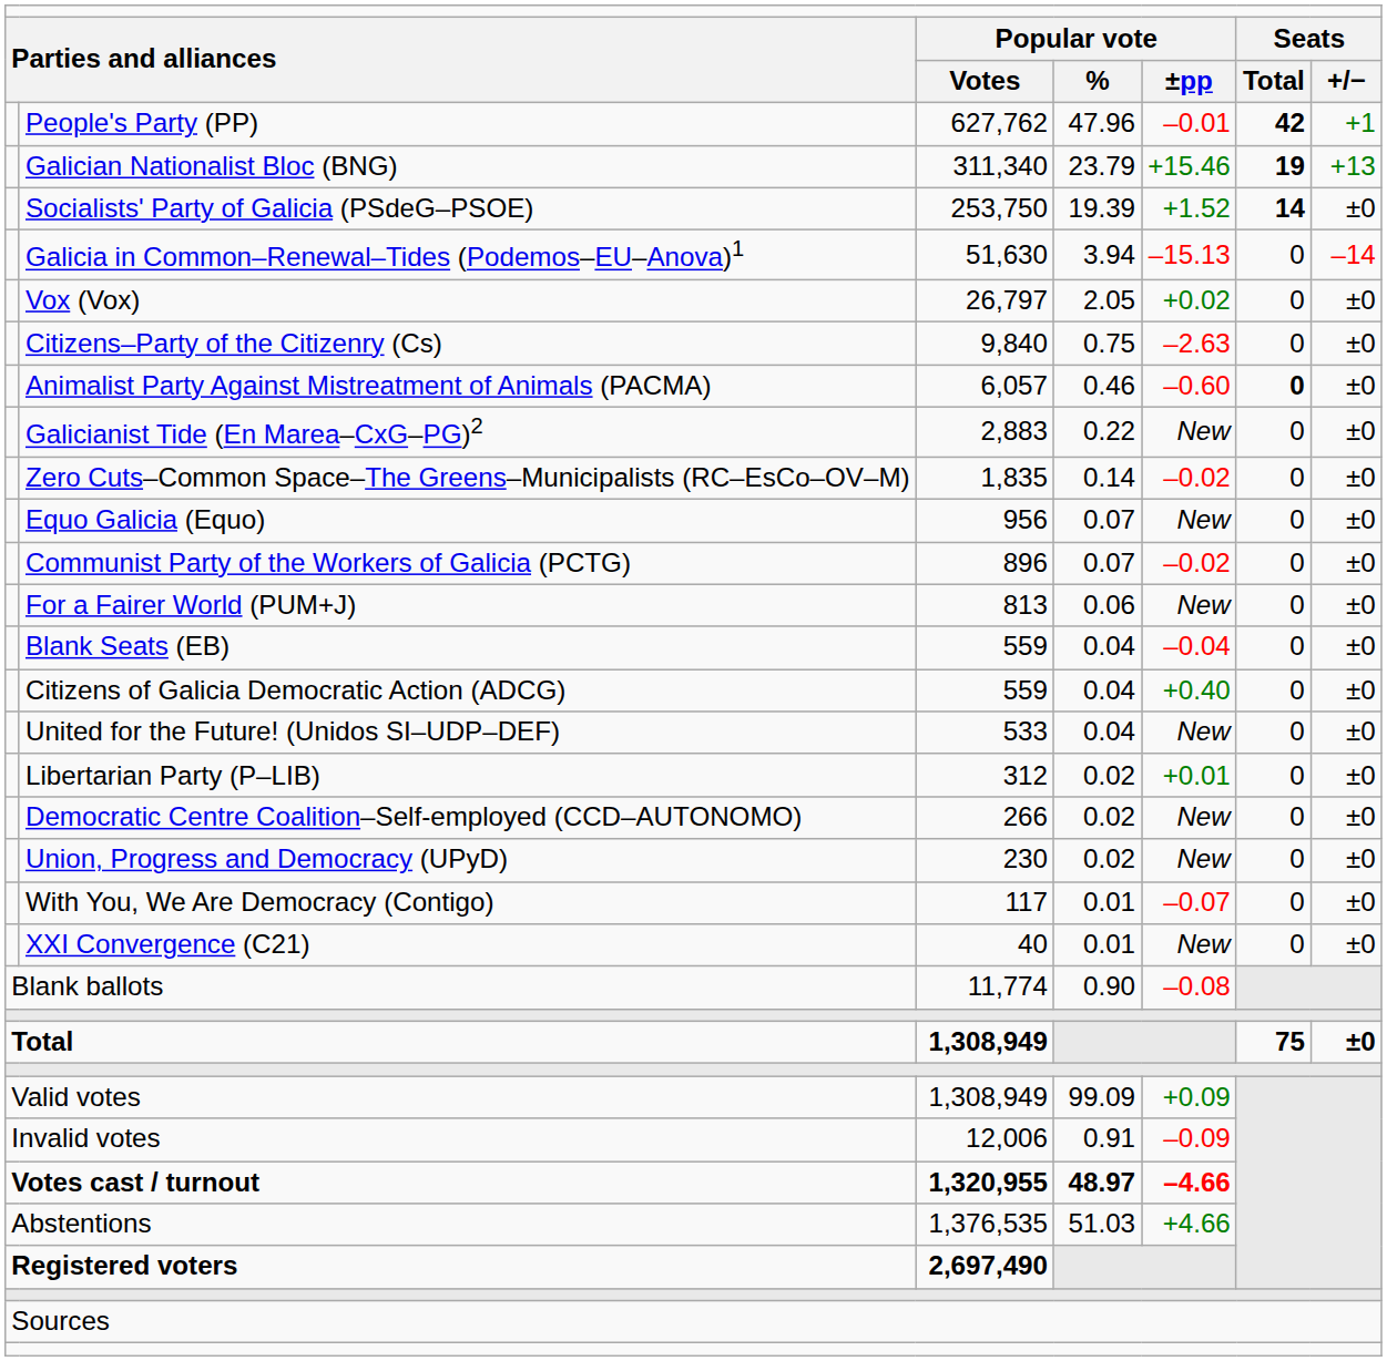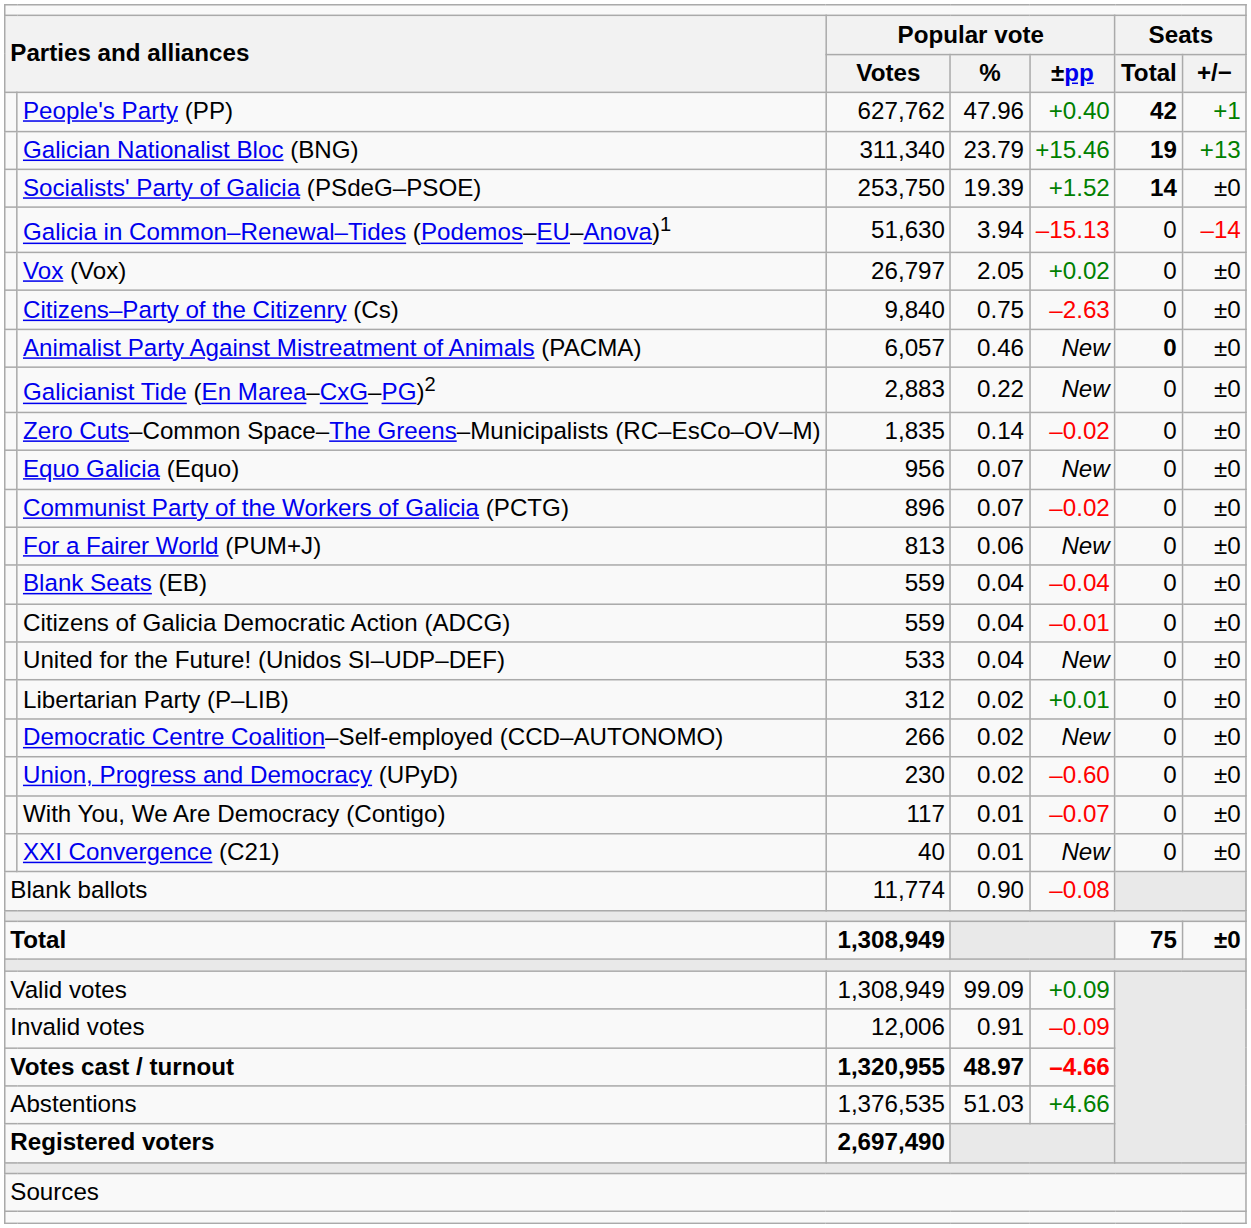 <table class="wikitable" style="text-align:right;">
 <tr>
 <td colspan="7"></td>
 </tr>
 <tr>
 <th style="text-align:left;" rowspan="2" colspan="2" width="525">Parties and alliances</th>
 <th colspan="3">Popular vote</th>
 <th colspan="2">Seats</th>
 </tr>
 <tr>
 <th width="75">Votes</th>
 <th width="45">%</th>
 <th width="45">±<a href='#'>pp</a></th>
 <th width="35">Total</th>
 <th width="35">+/−</th>
 </tr>
 <tr>
 <td width="1" style="color:inherit;background:"></td>
 <td align="left"><a href='#'>People's Party</a> (PP)</td>
 <td>627,762</td>
 <td>47.96</td>
-<td style="color:red;">–0.01</td>
+<td style="color:green;">+0.40</td>
 <td><strong>42</strong></td>
 <td style="color:green;">+1</td>
 </tr>
 <tr>
 <td style="color:inherit;background:"></td>
 <td align="left"><a href='#'>Galician Nationalist Bloc</a> (BNG)</td>
 <td>311,340</td>
 <td>23.79</td>
 <td style="color:green;">+15.46</td>
 <td><strong>19</strong></td>
 <td style="color:green;">+13</td>
 </tr>
 <tr>
 <td style="color:inherit;background:"></td>
 <td align="left"><a href='#'>Socialists' Party of Galicia</a> (PSdeG–PSOE)</td>
 <td>253,750</td>
 <td>19.39</td>
 <td style="color:green;">+1.52</td>
 <td><strong>14</strong></td>
 <td>±0</td>
 </tr>
 <tr>
 <td style="color:inherit;background:"></td>
 <td align="left"><a href='#'>Galicia in Common–Renewal–Tides</a> (<a href='#'>Podemos</a>–<a href='#'>EU</a>–<a href='#'>Anova</a>)<sup>1</sup></td>
 <td>51,630</td>
 <td>3.94</td>
 <td style="color:red;">–15.13</td>
 <td>0</td>
 <td style="color:red;">–14</td>
 </tr>
 <tr>
 <td style="color:inherit;background:"></td>
 <td align="left"><a href='#'>Vox</a> (Vox)</td>
 <td>26,797</td>
 <td>2.05</td>
 <td style="color:green;">+0.02</td>
 <td>0</td>
 <td>±0</td>
 </tr>
 <tr>
 <td style="color:inherit;background:"></td>
 <td align="left"><a href='#'>Citizens–Party of the Citizenry</a> (Cs)</td>
 <td>9,840</td>
 <td>0.75</td>
 <td style="color:red;">–2.63</td>
 <td>0</td>
 <td>±0</td>
 </tr>
 <tr>
 <td style="color:inherit;background:"></td>
 <td align="left"><a href='#'>Animalist Party Against Mistreatment of Animals</a> (PACMA)</td>
 <td>6,057</td>
 <td>0.46</td>
-<td style="color:red;">–0.60</td>
+<td><em>New</em></td>
 <td><strong>0</strong></td>
 <td>±0</td>
 </tr>
 <tr>
 <td style="color:inherit;background:"></td>
 <td align="left"><a href='#'>Galicianist Tide</a> (<a href='#'>En Marea</a>–<a href='#'>CxG</a>–<a href='#'>PG</a>)<sup>2</sup></td>
 <td>2,883</td>
 <td>0.22</td>
 <td><em>New</em></td>
 <td>0</td>
 <td>±0</td>
 </tr>
 <tr>
 <td style="color:inherit;background:"></td>
 <td align="left"><a href='#'>Zero Cuts</a>–Common Space–<a href='#'>The Greens</a>–Municipalists (RC–EsCo–OV–M)</td>
 <td>1,835</td>
 <td>0.14</td>
 <td style="color:red;">–0.02</td>
 <td>0</td>
 <td>±0</td>
 </tr>
 <tr>
 <td style="color:inherit;background:"></td>
 <td align="left"><a href='#'>Equo Galicia</a> (Equo)</td>
 <td>956</td>
 <td>0.07</td>
 <td><em>New</em></td>
 <td>0</td>
 <td>±0</td>
 </tr>
 <tr>
 <td style="color:inherit;background:"></td>
 <td align="left"><a href='#'>Communist Party of the Workers of Galicia</a> (PCTG)</td>
 <td>896</td>
 <td>0.07</td>
 <td style="color:red;">–0.02</td>
 <td>0</td>
 <td>±0</td>
 </tr>
 <tr>
 <td style="color:inherit;background:"></td>
 <td align="left"><a href='#'>For a Fairer World</a> (PUM+J)</td>
 <td>813</td>
 <td>0.06</td>
 <td><em>New</em></td>
 <td>0</td>
 <td>±0</td>
 </tr>
 <tr>
 <td style="color:inherit;background:"></td>
 <td align="left"><a href='#'>Blank Seats</a> (EB)</td>
 <td>559</td>
 <td>0.04</td>
 <td style="color:red;">–0.04</td>
 <td>0</td>
 <td>±0</td>
 </tr>
 <tr>
 <td style="color:inherit;background:"></td>
 <td align="left">Citizens of Galicia Democratic Action (ADCG)</td>
 <td>559</td>
 <td>0.04</td>
-<td style="color:green;">+0.40</td>
+<td style="color:red;">–0.01</td>
 <td>0</td>
 <td>±0</td>
 </tr>
 <tr>
 <td style="color:inherit;background:"></td>
 <td align="left">United for the Future! (Unidos SI–UDP–DEF)</td>
 <td>533</td>
 <td>0.04</td>
 <td><em>New</em></td>
 <td>0</td>
 <td>±0</td>
 </tr>
 <tr>
 <td style="color:inherit;background:"></td>
 <td align="left">Libertarian Party (P–LIB)</td>
 <td>312</td>
 <td>0.02</td>
 <td style="color:green;">+0.01</td>
 <td>0</td>
 <td>±0</td>
 </tr>
 <tr>
 <td style="color:inherit;background:"></td>
 <td align="left"><a href='#'>Democratic Centre Coalition</a>–Self-employed (CCD–AUTONOMO)</td>
 <td>266</td>
 <td>0.02</td>
 <td><em>New</em></td>
 <td>0</td>
 <td>±0</td>
 </tr>
 <tr>
 <td style="color:inherit;background:"></td>
 <td align="left"><a href='#'>Union, Progress and Democracy</a> (UPyD)</td>
 <td>230</td>
 <td>0.02</td>
-<td><em>New</em></td>
+<td style="color:red;">–0.60</td>
 <td>0</td>
 <td>±0</td>
 </tr>
 <tr>
 <td style="color:inherit;background:"></td>
 <td align="left">With You, We Are Democracy (Contigo)</td>
 <td>117</td>
 <td>0.01</td>
 <td style="color:red;">–0.07</td>
 <td>0</td>
 <td>±0</td>
 </tr>
 <tr>
 <td style="color:inherit;background:"></td>
 <td align="left"><a href='#'>XXI Convergence</a> (C21)</td>
 <td>40</td>
 <td>0.01</td>
 <td><em>New</em></td>
 <td>0</td>
 <td>±0</td>
 </tr>
 <tr>
 <td align="left" colspan="2">Blank ballots</td>
 <td>11,774</td>
 <td>0.90</td>
 <td style="color:red;">–0.08</td>
 <td bgcolor="#E9E9E9" colspan="2"></td>
 </tr>
 <tr>
 <td colspan="7" bgcolor="#E9E9E9"></td>
 </tr>
 <tr style="font-weight:bold;">
 <td align="left" colspan="2">Total</td>
 <td>1,308,949</td>
 <td bgcolor="#E9E9E9" colspan="2"></td>
 <td>75</td>
 <td>±0</td>
 </tr>
 <tr>
 <td colspan="7" bgcolor="#E9E9E9"></td>
 </tr>
 <tr>
 <td align="left" colspan="2">Valid votes</td>
 <td>1,308,949</td>
 <td>99.09</td>
 <td style="color:green;">+0.09</td>
 <td bgcolor="#E9E9E9" colspan="2" rowspan="5"></td>
 </tr>
 <tr>
 <td align="left" colspan="2">Invalid votes</td>
 <td>12,006</td>
 <td>0.91</td>
 <td style="color:red;">–0.09</td>
 </tr>
 <tr style="font-weight:bold;">
 <td align="left" colspan="2">Votes cast / turnout</td>
 <td>1,320,955</td>
 <td>48.97</td>
 <td style="color:red;">–4.66</td>
 </tr>
 <tr>
 <td align="left" colspan="2">Abstentions</td>
 <td>1,376,535</td>
 <td>51.03</td>
 <td style="color:green;">+4.66</td>
 </tr>
 <tr style="font-weight:bold;">
 <td align="left" colspan="2">Registered voters</td>
 <td>2,697,490</td>
 <td bgcolor="#E9E9E9" colspan="2"></td>
 </tr>
 <tr>
 <td colspan="7" bgcolor="#E9E9E9"></td>
 </tr>
 <tr>
 <td align="left" colspan="7">Sources</td>
 </tr>
 <tr>
 <td colspan="7" style="text-align:left; max-width:790px;"></td>
 </tr>
 </table>
